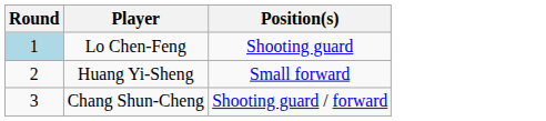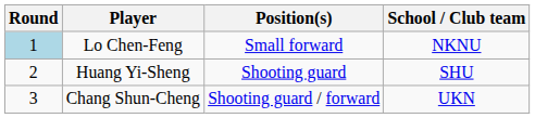 <table class="wikitable sortable sortable">
 <tr>
 <th>Round</th>
 <th>Player</th>
 <th>Position(s)</th>
+<th>School / Club team</th>
 </tr>
 <tr style="text-align: center">
 <td style="background: lightblue;">1</td>
 <td>Lo Chen-Feng</td>
-<td><a href='#'>Shooting guard</a></td>
+<td><a href='#'>Small forward</a></td>
+<td><a href='#'>NKNU</a></td>
 </tr>
 <tr style="text-align: center">
 <td>2</td>
 <td>Huang Yi-Sheng</td>
-<td><a href='#'>Small forward</a></td>
+<td><a href='#'>Shooting guard</a></td>
+<td><a href='#'>SHU</a></td>
 </tr>
 <tr style="text-align: center">
 <td>3</td>
 <td>Chang Shun-Cheng</td>
 <td><a href='#'>Shooting guard</a> / <a href='#'>forward</a></td>
+<td><a href='#'>UKN</a></td>
 </tr>
 </table>
